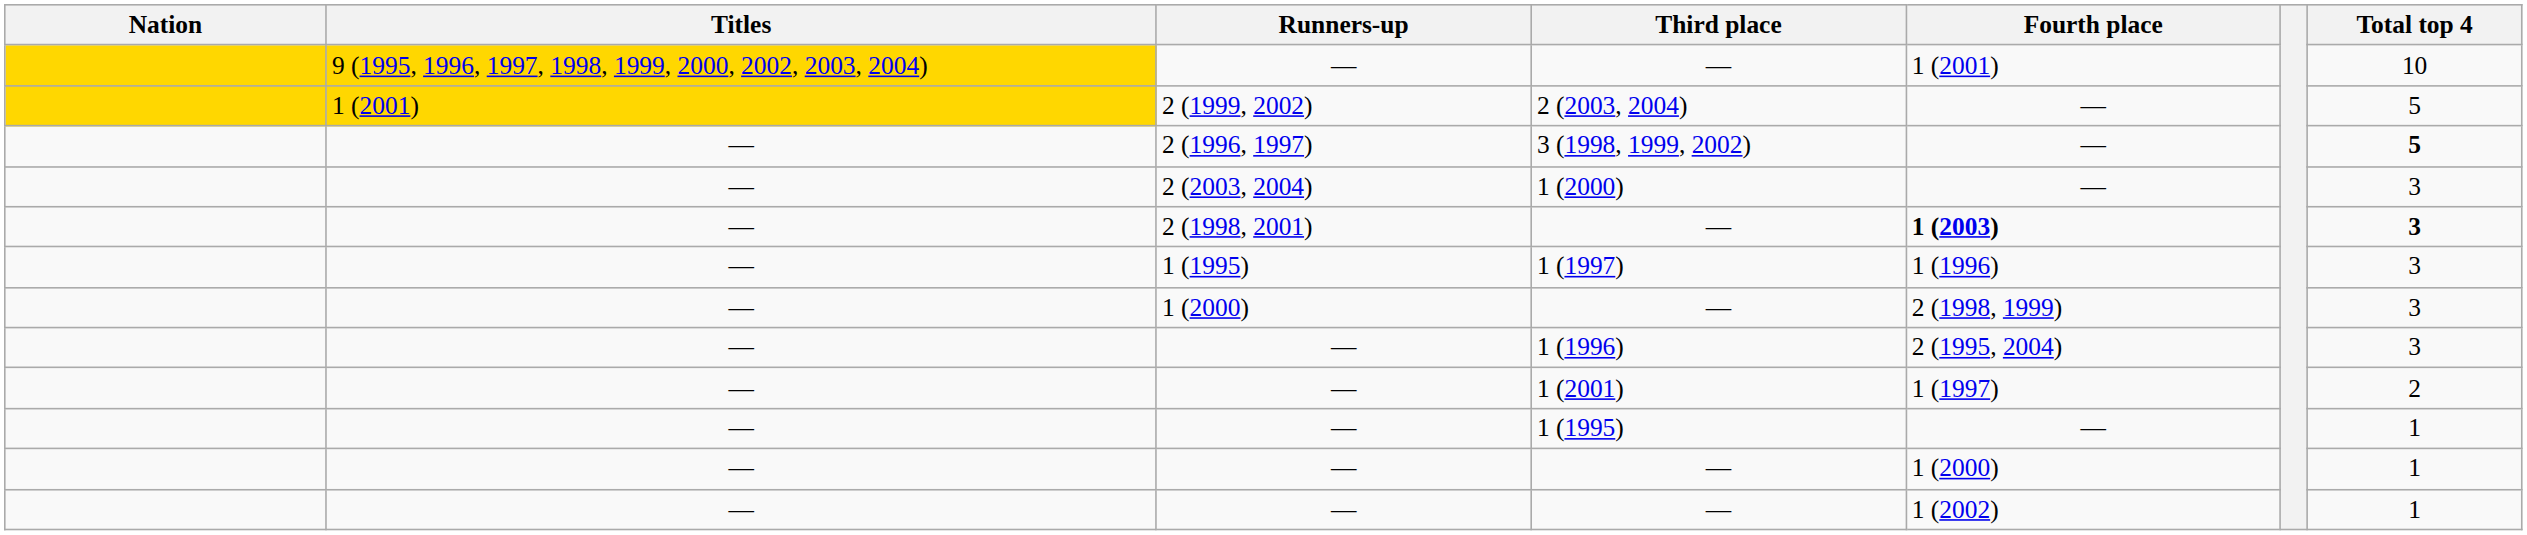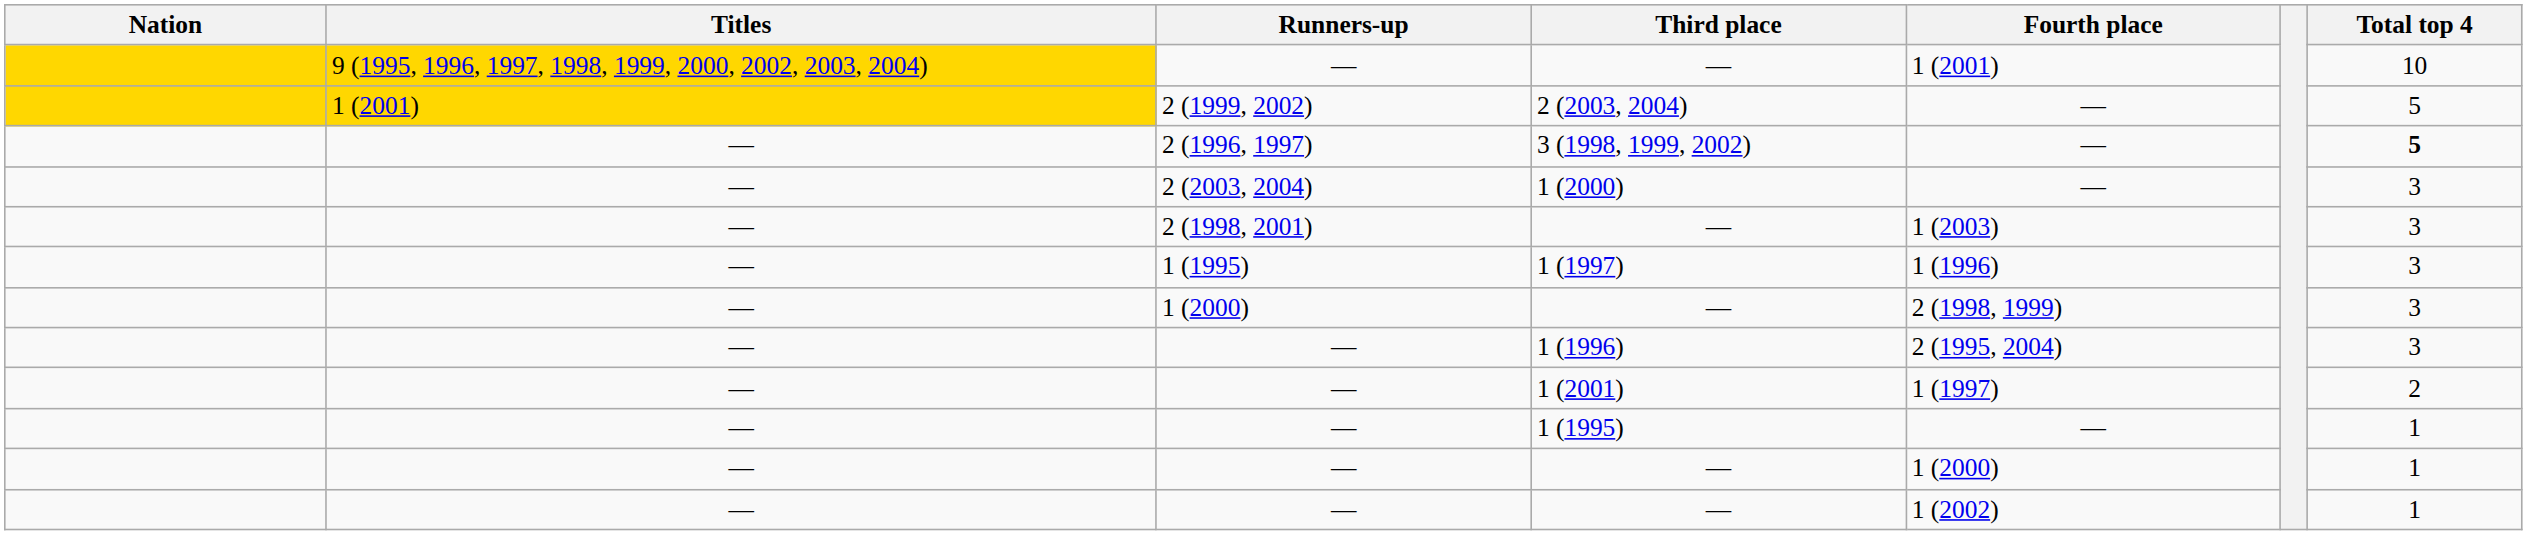 <table class="wikitable" style=font-size:100% width=100%>
 <tr>
 <th width=12%>Nation</th>
 <th width=31%>Titles</th>
 <th width=14%>Runners-up</th>
 <th width=14%>Third place</th>
 <th width=14%>Fourth place</th>
 <th width=1% rowspan=14></th>
 <th width=8%>Total top 4</th>
 </tr>
 <tr>
 <td bgcolor=gold></td>
 <td bgcolor=gold>9 (<a href='#'>1995</a>, <a href='#'>1996</a>, <a href='#'>1997</a>, <a href='#'>1998</a>, <a href='#'>1999</a>, <a href='#'>2000</a>, <a href='#'>2002</a>, <a href='#'>2003</a>, <a href='#'>2004</a>)</td>
 <td align=center>—</td>
 <td align=center>—</td>
 <td>1 (<a href='#'>2001</a>)</td>
 <td align=center>10</td>
 </tr>
 <tr>
 <td bgcolor=gold></td>
 <td bgcolor=gold>1 (<a href='#'>2001</a>)</td>
 <td>2 (<a href='#'>1999</a>, <a href='#'>2002</a>)</td>
 <td>2 (<a href='#'>2003</a>, <a href='#'>2004</a>)</td>
 <td align=center>—</td>
 <td align=center>5</td>
 </tr>
 <tr>
 <td></td>
 <td align=center>—</td>
 <td>2 (<a href='#'>1996</a>, <a href='#'>1997</a>)</td>
 <td>3 (<a href='#'>1998</a>, <a href='#'>1999</a>, <a href='#'>2002</a>)</td>
 <td align=center>—</td>
 <td align=center><strong>5</strong></td>
 </tr>
 <tr>
 <td></td>
 <td align=center>—</td>
 <td>2 (<a href='#'>2003</a>, <a href='#'>2004</a>)</td>
 <td>1 (<a href='#'>2000</a>)</td>
 <td align=center>—</td>
 <td align=center>3</td>
 </tr>
 <tr>
 <td></td>
 <td align=center>—</td>
 <td>2 (<a href='#'>1998</a>, <a href='#'>2001</a>)</td>
 <td align=center>—</td>
-<td><strong>1 (<a href='#'>2003</a>)</strong></td>
-<td align=center><strong>3</strong></td>
+<td>1 (<a href='#'>2003</a>)</td>
+<td align=center>3</td>
 </tr>
 <tr>
 <td></td>
 <td align=center>—</td>
 <td>1 (<a href='#'>1995</a>)</td>
 <td>1 (<a href='#'>1997</a>)</td>
 <td>1 (<a href='#'>1996</a>)</td>
 <td align=center>3</td>
 </tr>
 <tr>
 <td></td>
 <td align=center>—</td>
 <td>1 (<a href='#'>2000</a>)</td>
 <td align=center>—</td>
 <td>2 (<a href='#'>1998</a>, <a href='#'>1999</a>)</td>
 <td align=center>3</td>
 </tr>
 <tr>
 <td></td>
 <td align=center>—</td>
 <td align=center>—</td>
 <td>1 (<a href='#'>1996</a>)</td>
 <td>2 (<a href='#'>1995</a>, <a href='#'>2004</a>)</td>
 <td align=center>3</td>
 </tr>
 <tr>
 <td></td>
 <td align=center>—</td>
 <td align=center>—</td>
 <td>1 (<a href='#'>2001</a>)</td>
 <td>1 (<a href='#'>1997</a>)</td>
 <td align=center>2</td>
 </tr>
 <tr>
 <td></td>
 <td align=center>—</td>
 <td align=center>—</td>
 <td>1 (<a href='#'>1995</a>)</td>
 <td align=center>—</td>
 <td align=center>1</td>
 </tr>
 <tr>
 <td></td>
 <td align=center>—</td>
 <td align=center>—</td>
 <td align=center>—</td>
 <td>1 (<a href='#'>2000</a>)</td>
 <td align=center>1</td>
 </tr>
 <tr>
 <td></td>
 <td align=center>—</td>
 <td align=center>—</td>
 <td align=center>—</td>
 <td>1 (<a href='#'>2002</a>)</td>
 <td align=center>1</td>
 </tr>
 </table>
